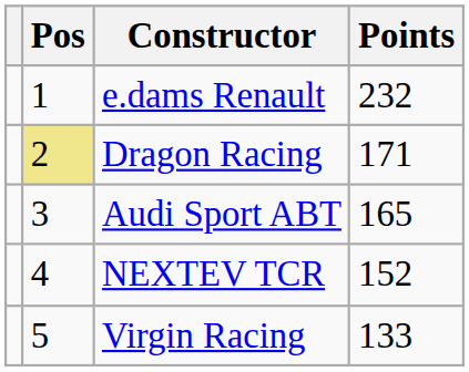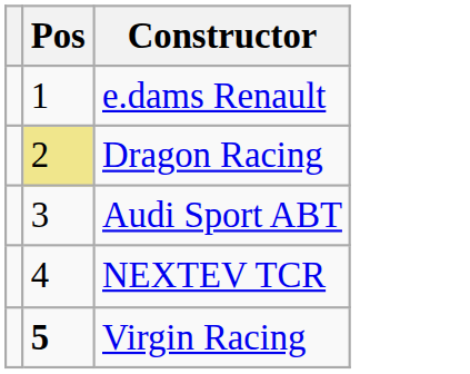 <table class="wikitable" style="font-size: 95%; display:inline-table;">
 <tr>
 <th></th>
 <th>Pos</th>
 <th>Constructor</th>
-<th>Points</th>
 </tr>
 <tr>
 <td align="left"></td>
 <td>1</td>
 <td> <a href='#'>e.dams Renault</a></td>
-<td>232</td>
 </tr>
 <tr>
 <td align="left"></td>
 <td style="background: khaki;">2</td>
 <td> <a href='#'>Dragon Racing</a></td>
-<td>171</td>
 </tr>
 <tr>
 <td align="left"></td>
 <td>3</td>
 <td> <a href='#'>Audi Sport ABT</a></td>
-<td>165</td>
 </tr>
 <tr>
 <td align="left"></td>
 <td>4</td>
 <td> <a href='#'>NEXTEV TCR</a></td>
-<td>152</td>
 </tr>
 <tr>
 <td align="left"></td>
-<td>5</td>
+<td><strong>5</strong></td>
 <td> <a href='#'>Virgin Racing</a></td>
-<td>133</td>
 </tr>
 </table>
